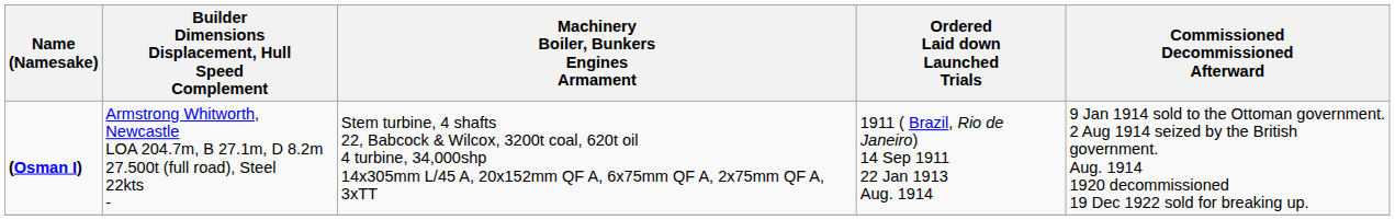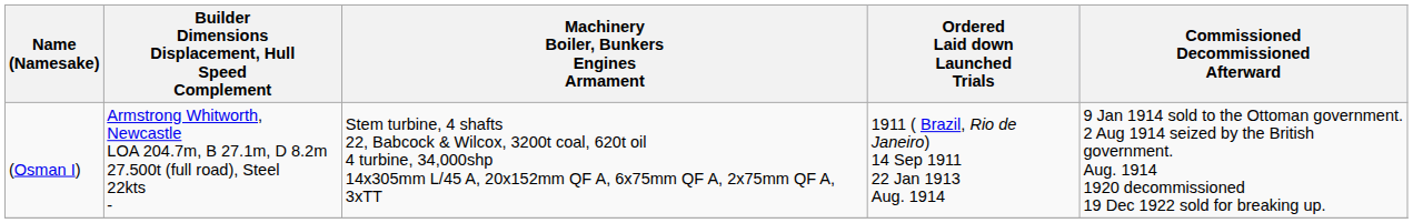 <table class="wikitable" style="font-size:90%;">
 <tr bgcolor="#e6e9ff">
 <th>Name<br>(Namesake)</th>
 <th>Builder<br>Dimensions<br>Displacement, Hull<br>Speed<br>Complement</th>
 <th>Machinery<br>Boiler, Bunkers<br>Engines<br>Armament</th>
 <th>Ordered<br>Laid down<br>Launched<br>Trials</th>
 <th>Commissioned<br>Decommissioned<br>Afterward</th>
 </tr>
 <tr ---->
-<td><strong><br>(<a href='#'>Osman I</a>)</strong></td>
+<td><br>(<a href='#'>Osman I</a>)</td>
 <td> <a href='#'>Armstrong Whitworth</a>, <a href='#'>Newcastle</a><br>LOA 204.7m, B 27.1m, D 8.2m<br>27.500t (full road), Steel<br>22kts<br>-</td>
 <td>Stem turbine, 4 shafts<br>22, Babcock & Wilcox, 3200t coal, 620t oil<br>4 turbine, 34,000shp<br>14x305mm L/45 A, 20x152mm QF A, 6x75mm QF A, 2x75mm QF A, 3xTT</td>
 <td>1911 ( <a href='#'>Brazil</a>, <em>Rio de Janeiro</em>)<br>14 Sep 1911<br>22 Jan 1913<br>Aug. 1914</td>
 <td>9 Jan 1914 sold to the Ottoman government.<br>2 Aug 1914 seized by the British government.<br>Aug. 1914  <br>1920 decommissioned<br>19 Dec 1922 sold for breaking up.</td>
 </tr>
 <tr ---->
 </tr>
 </table>
